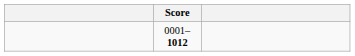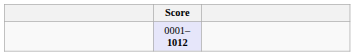 <table class="wikitable" style="text-align: center; font-size:90% ">
 <tr>
 <th align="right" width="200"></th>
 <th width="60">Score</th>
 <th align="left" width="200"></th>
 </tr>
 <tr>
 <td align="left"></td>
-<td>0001–<strong>1012</strong></td>
+<td style="background: lavender;">0001–<strong>1012</strong></td>
 <td align="left"><strong></strong></td>
 </tr>
 </table>
